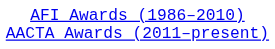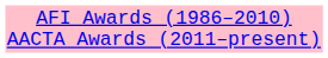 <table id=toc class=toc summary=Contents>
 <tr>
 <th></th>
 </tr>
 <tr>
-<td align=center><a href='#'>AFI Awards (1986–2010)</a><br><a href='#'>AACTA Awards (2011–present)</a></td>
+<td align=center style="background: pink;"><a href='#'>AFI Awards (1986–2010)</a><br><a href='#'>AACTA Awards (2011–present)</a></td>
 </tr>
 </table>
